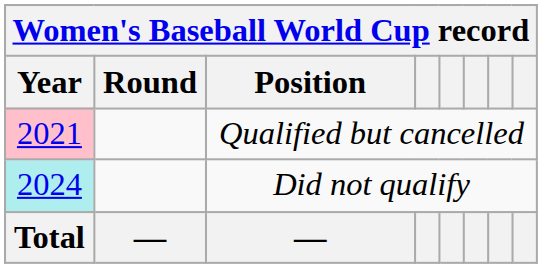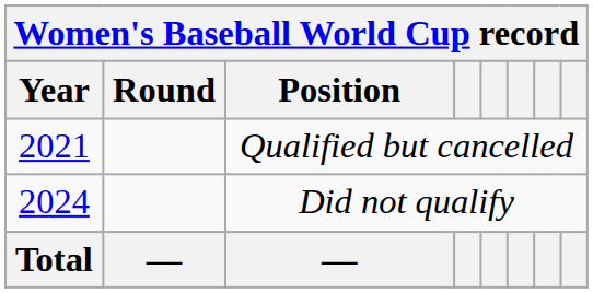 <table class="wikitable" style="text-align: center;">
 <tr>
 <th colspan=9><a href='#'>Women's Baseball World Cup</a> record</th>
 </tr>
 <tr>
 <th>Year</th>
 <th>Round</th>
 <th>Position</th>
 <th></th>
 <th></th>
 <th></th>
 <th></th>
 <th></th>
 </tr>
 <tr>
-<td style="background: pink;"> <a href='#'>2021</a></td>
+<td> <a href='#'>2021</a></td>
 <td></td>
 <td colspan=6><em>Qualified but cancelled</em></td>
 </tr>
 <tr>
-<td style="background: paleturquoise;"> <a href='#'>2024</a></td>
+<td> <a href='#'>2024</a></td>
 <td></td>
 <td colspan=6><em>Did not qualify</em></td>
 </tr>
 <tr>
 <th>Total</th>
 <th>—</th>
 <th>—</th>
 <th></th>
 <th></th>
 <th></th>
 <th></th>
 <th></th>
 </tr>
 </table>
